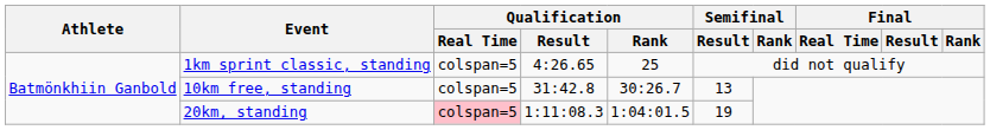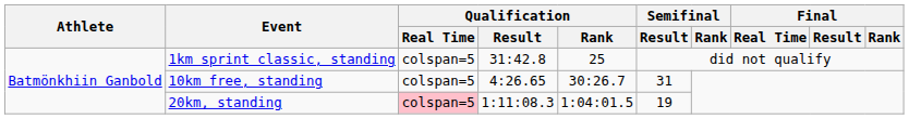 <table class="wikitable" style="font-size:100%">
 <tr>
 <th rowspan="2">Athlete</th>
 <th rowspan="2">Event</th>
 <th colspan="3">Qualification</th>
 <th colspan="2">Semifinal</th>
 <th colspan="3">Final</th>
 </tr>
 <tr>
 <th>Real Time</th>
 <th>Result</th>
 <th>Rank</th>
 <th>Result</th>
 <th>Rank</th>
 <th>Real Time</th>
 <th>Result</th>
 <th>Rank</th>
 </tr>
 <tr>
 <td rowspan=3><a href='#'>Batmönkhiin Ganbold</a></td>
 <td><a href='#'>1km sprint classic, standing</a></td>
 <td>colspan=5 </td>
-<td align="center">4:26.65</td>
+<td align="center">31:42.8</td>
 <td align="center">25</td>
 <td colspan=5 align="center">did not qualify</td>
 </tr>
 <tr>
 <td><a href='#'>10km free, standing</a></td>
 <td>colspan=5 </td>
-<td align="center">31:42.8</td>
+<td align="center">4:26.65</td>
 <td align="center">30:26.7</td>
-<td align="center">13</td>
+<td align="center">31</td>
 </tr>
 <tr>
 <td><a href='#'>20km, standing</a></td>
 <td style="background: pink;">colspan=5 </td>
 <td align="center">1:11:08.3</td>
 <td align="center">1:04:01.5</td>
 <td align="center">19</td>
 </tr>
 </table>
